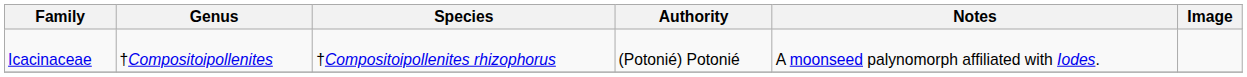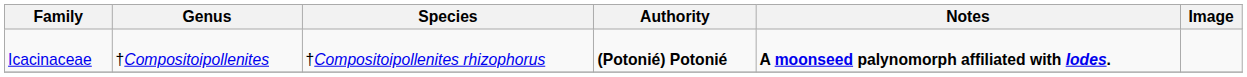 <table class="wikitable" align="center" width="100%">
 <tr>
 <th>Family</th>
 <th>Genus</th>
 <th>Species</th>
 <th>Authority</th>
 <th>Notes</th>
 <th>Image</th>
 </tr>
 <tr>
 <td><br><a href='#'>Icacinaceae</a></td>
 <td><br>†<em><a href='#'>Compositoipollenites</a></em></td>
 <td><br>†<em><a href='#'>Compositoipollenites rhizophorus</a></em></td>
-<td><br>(Potonié) Potonié</td>
-<td><br>A <a href='#'>moonseed</a> palynomorph affiliated with <em><a href='#'>Iodes</a></em>.</td>
+<td><strong><br>(Potonié) Potonié</strong></td>
+<td><strong><br>A <a href='#'>moonseed</a> palynomorph affiliated with <em><a href='#'>Iodes</a></em>.</strong></td>
 <td></td>
 </tr>
 <tr>
 </tr>
 </table>
